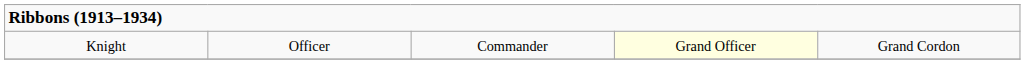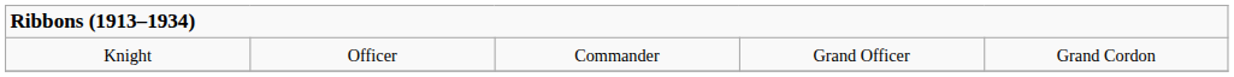 <table align=center class=wikitable width=60%>
 <tr>
 <td colspan=5><strong>Ribbons (1913–1934)</strong></td>
 </tr>
 <tr>
 <td width=20% valign=top align=center><small>Knight</small></td>
 <td width=20% valign=top align=center><small>Officer</small></td>
 <td width=20% valign=top align=center><small>Commander</small></td>
-<td width=20% valign=top align=center style="background: lightyellow;"><small>Grand Officer</small></td>
+<td width=20% valign=top align=center><small>Grand Officer</small></td>
 <td width=20% valign=top align=center><small>Grand Cordon</small></td>
 </tr>
 <tr>
 </tr>
 </table>
